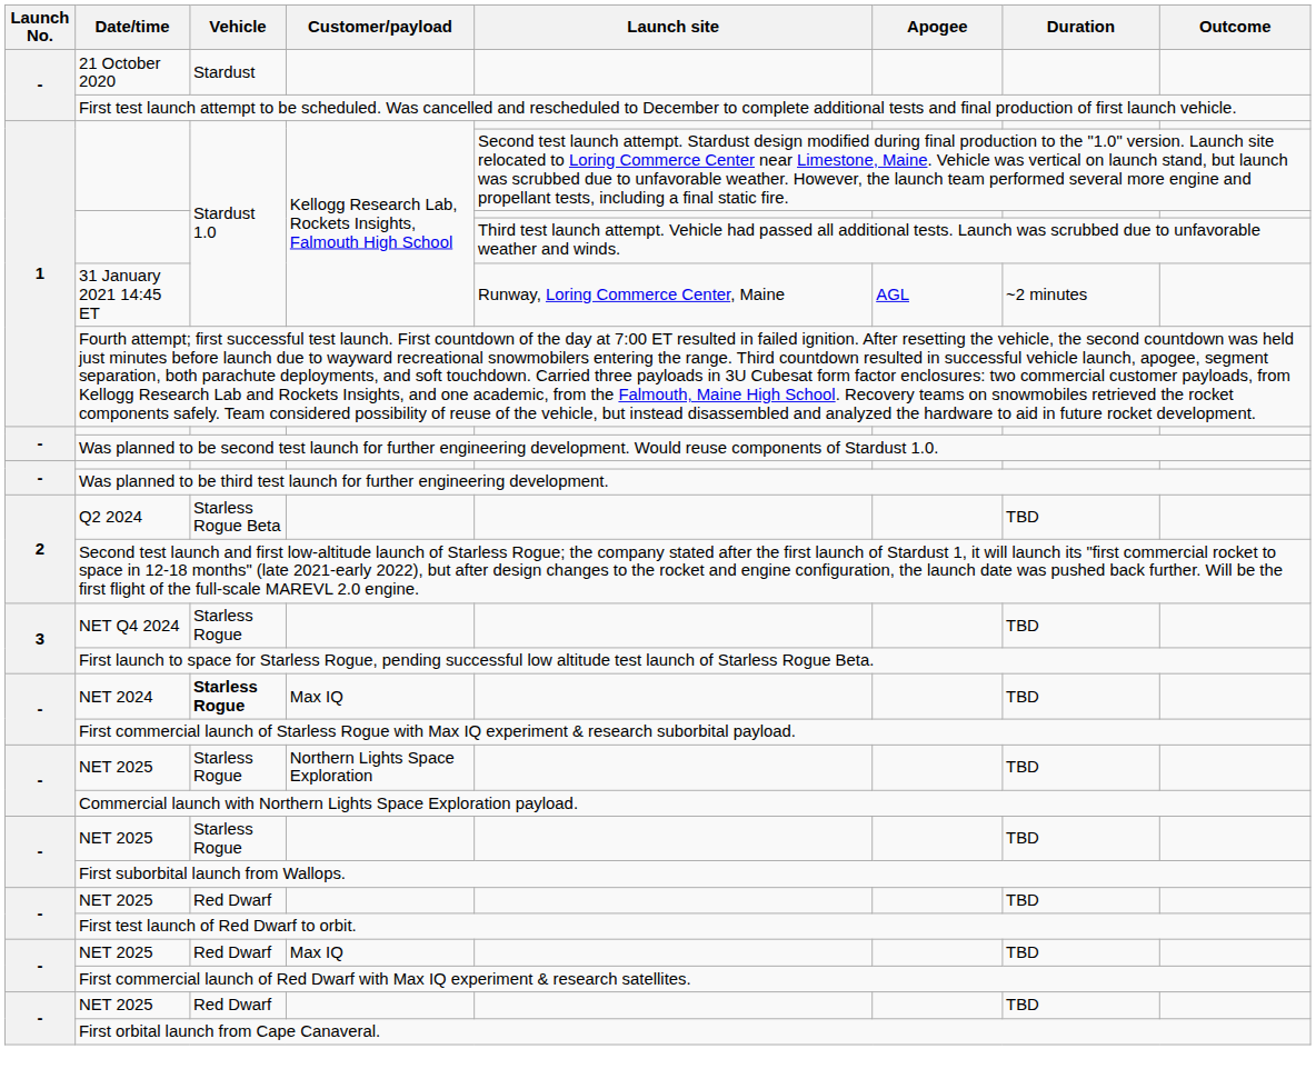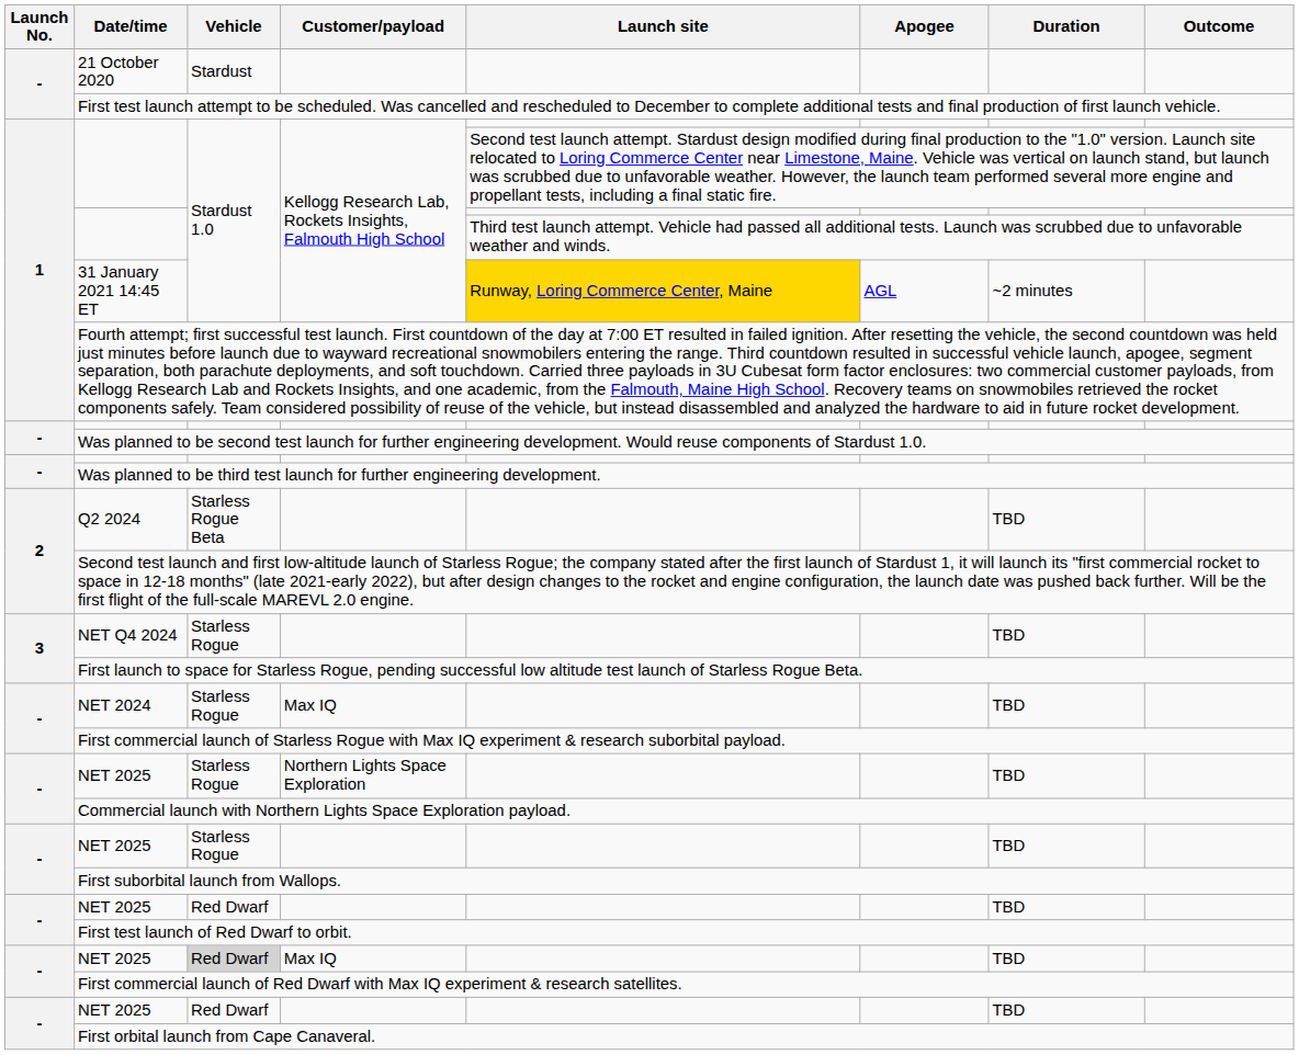 <table class="wikitable plainrowheaders" style="width: 100%;">
 <tr>
 <th scope="col">Launch No.</th>
 <th scope="col">Date/time</th>
 <th scope="col">Vehicle</th>
 <th scope="col">Customer/payload</th>
 <th scope="col">Launch site</th>
 <th scope="col">Apogee</th>
 <th scope="col">Duration</th>
 <th scope="col">Outcome</th>
 </tr>
 <tr>
 <th rowspan="2">-</th>
 <td>21 October 2020</td>
 <td>Stardust</td>
 <td></td>
 <td></td>
 <td> </td>
 <td></td>
 <td></td>
 </tr>
 <tr>
 <td colspan="7">First test launch attempt to be scheduled. Was cancelled and rescheduled to December to complete additional tests and final production of first launch vehicle.</td>
 </tr>
 <tr>
 <th rowspan=6>1</th>
 <td rowspan=2></td>
 <td rowspan=5>Stardust 1.0</td>
 <td rowspan=5>Kellogg Research Lab,<br>Rockets Insights,<br><a href='#'>Falmouth High School</a></td>
 <td></td>
 <td> </td>
 <td></td>
 <td></td>
 </tr>
 <tr>
 <td colspan=4>Second test launch attempt. Stardust design modified during final production to the "1.0" version. Launch site relocated to <a href='#'>Loring Commerce Center</a> near <a href='#'>Limestone, Maine</a>. Vehicle was vertical on launch stand, but launch was scrubbed due to unfavorable weather. However, the launch team performed several more engine and propellant tests, including a final static fire.</td>
 </tr>
 <tr>
 <td rowspan=2></td>
 <td></td>
 <td> </td>
 <td></td>
 <td></td>
 </tr>
 <tr>
 <td colspan=4>Third test launch attempt. Vehicle had passed all additional tests. Launch was scrubbed due to unfavorable weather and winds.</td>
 </tr>
 <tr>
 <td>31 January 2021 14:45 ET</td>
-<td>Runway, <a href='#'>Loring Commerce Center</a>, Maine</td>
+<td style="background: gold;">Runway, <a href='#'>Loring Commerce Center</a>, Maine</td>
 <td> <a href='#'>AGL</a></td>
 <td>~2 minutes</td>
 <td></td>
 </tr>
 <tr>
 <td colspan=7>Fourth attempt; first successful test launch. First countdown of the day at 7:00 ET resulted in failed ignition. After resetting the vehicle, the second countdown was held just minutes before launch due to wayward recreational snowmobilers entering the range. Third countdown resulted in successful vehicle launch, apogee, segment separation, both parachute deployments, and soft touchdown. Carried three payloads in 3U Cubesat form factor enclosures: two commercial customer payloads, from Kellogg Research Lab and Rockets Insights, and one academic, from the <a href='#'>Falmouth, Maine High School</a>. Recovery teams on snowmobiles retrieved the rocket components safely. Team considered possibility of reuse of the vehicle, but instead disassembled and analyzed the hardware to aid in future rocket development.</td>
 </tr>
 <tr>
 <th rowspan=2>-</th>
 <td></td>
 <td></td>
 <td></td>
 <td></td>
 <td> </td>
 <td></td>
 <td></td>
 </tr>
 <tr>
 <td colspan=7>Was planned to be second test launch for further engineering development. Would reuse components of Stardust 1.0.</td>
 </tr>
 <tr>
 <th rowspan=2>-</th>
 <td></td>
 <td></td>
 <td></td>
 <td></td>
 <td> </td>
 <td></td>
 <td></td>
 </tr>
 <tr>
 <td colspan=7>Was planned to be third test launch for further engineering development.</td>
 </tr>
 <tr>
 <th rowspan=2>2</th>
 <td> Q2 2024</td>
 <td>Starless Rogue Beta</td>
 <td></td>
 <td></td>
 <td> </td>
 <td>TBD </td>
 <td></td>
 </tr>
 <tr>
 <td colspan=7>Second test launch and first low-altitude launch of Starless Rogue; the company stated after the first launch of Stardust 1, it will launch its "first commercial rocket to space in 12-18 months" (late 2021-early 2022), but after design changes to the rocket and engine configuration, the launch date was pushed back further. Will be the first flight of the full-scale MAREVL 2.0 engine.</td>
 </tr>
 <tr>
 <th rowspan=2>3</th>
 <td>NET Q4 2024</td>
 <td>Starless Rogue</td>
 <td></td>
 <td></td>
 <td> </td>
 <td>TBD </td>
 <td></td>
 </tr>
 <tr>
 <td colspan=7>First launch to space for Starless Rogue, pending successful low altitude test launch of Starless Rogue Beta.</td>
 </tr>
 <tr>
 <th rowspan=2>-</th>
 <td>NET 2024</td>
-<td><strong>Starless Rogue</strong></td>
+<td>Starless Rogue</td>
 <td>Max IQ</td>
 <td></td>
 <td> </td>
 <td>TBD </td>
 <td></td>
 </tr>
 <tr>
 <td colspan=7>First commercial launch of Starless Rogue with Max IQ experiment & research suborbital payload.</td>
 </tr>
 <tr>
 <th rowspan=2>-</th>
 <td>NET 2025</td>
 <td>Starless Rogue</td>
 <td>Northern Lights Space Exploration</td>
 <td></td>
 <td> </td>
 <td>TBD </td>
 <td></td>
 </tr>
 <tr>
 <td colspan=7>Commercial launch with Northern Lights Space Exploration payload.</td>
 </tr>
 <tr>
 <th rowspan=2>-</th>
 <td>NET 2025</td>
 <td>Starless Rogue</td>
 <td></td>
 <td></td>
 <td> </td>
 <td>TBD </td>
 <td></td>
 </tr>
 <tr>
 <td colspan=7>First suborbital launch from Wallops.</td>
 </tr>
 <tr>
 <th rowspan=2>-</th>
 <td>NET 2025</td>
 <td>Red Dwarf</td>
 <td></td>
 <td></td>
 <td> </td>
 <td>TBD</td>
 <td></td>
 </tr>
 <tr>
 <td colspan=7>First test launch of Red Dwarf to orbit.</td>
 </tr>
 <tr>
 <th rowspan=2>-</th>
 <td>NET 2025</td>
-<td>Red Dwarf</td>
+<td style="background: lightgrey;">Red Dwarf</td>
 <td>Max IQ</td>
 <td></td>
 <td> </td>
 <td>TBD</td>
 <td></td>
 </tr>
 <tr>
 <td colspan=7>First commercial launch of Red Dwarf with Max IQ experiment & research satellites.</td>
 </tr>
 <tr>
 <th rowspan=2>-</th>
 <td>NET 2025</td>
 <td>Red Dwarf</td>
 <td></td>
 <td></td>
 <td> </td>
 <td>TBD</td>
 <td></td>
 </tr>
 <tr>
 <td colspan=7>First orbital launch from Cape Canaveral.</td>
 </tr>
 </table>
